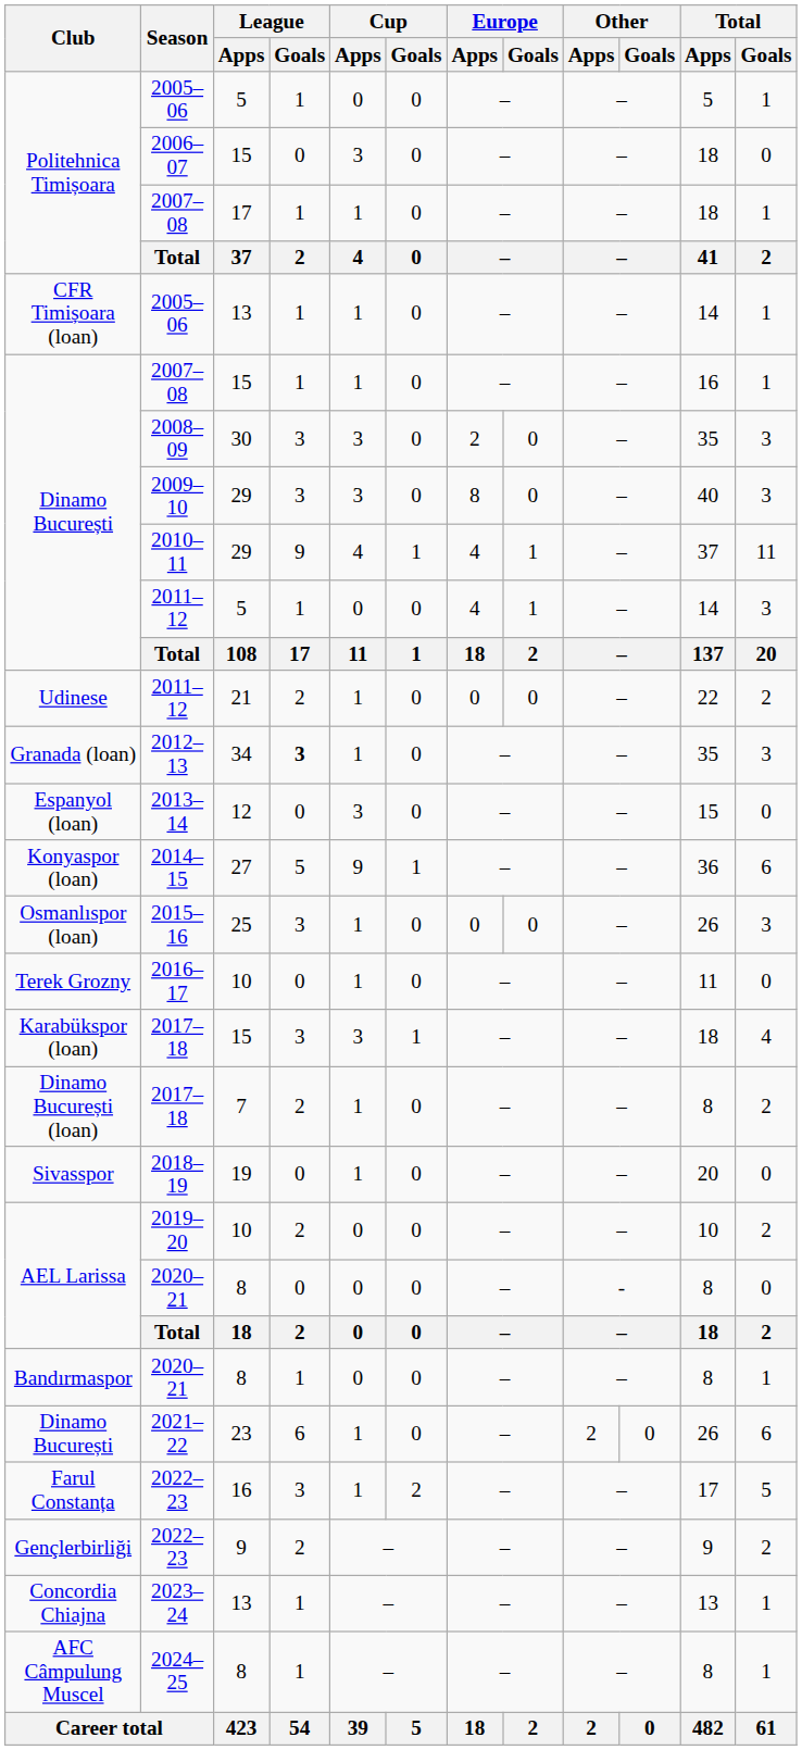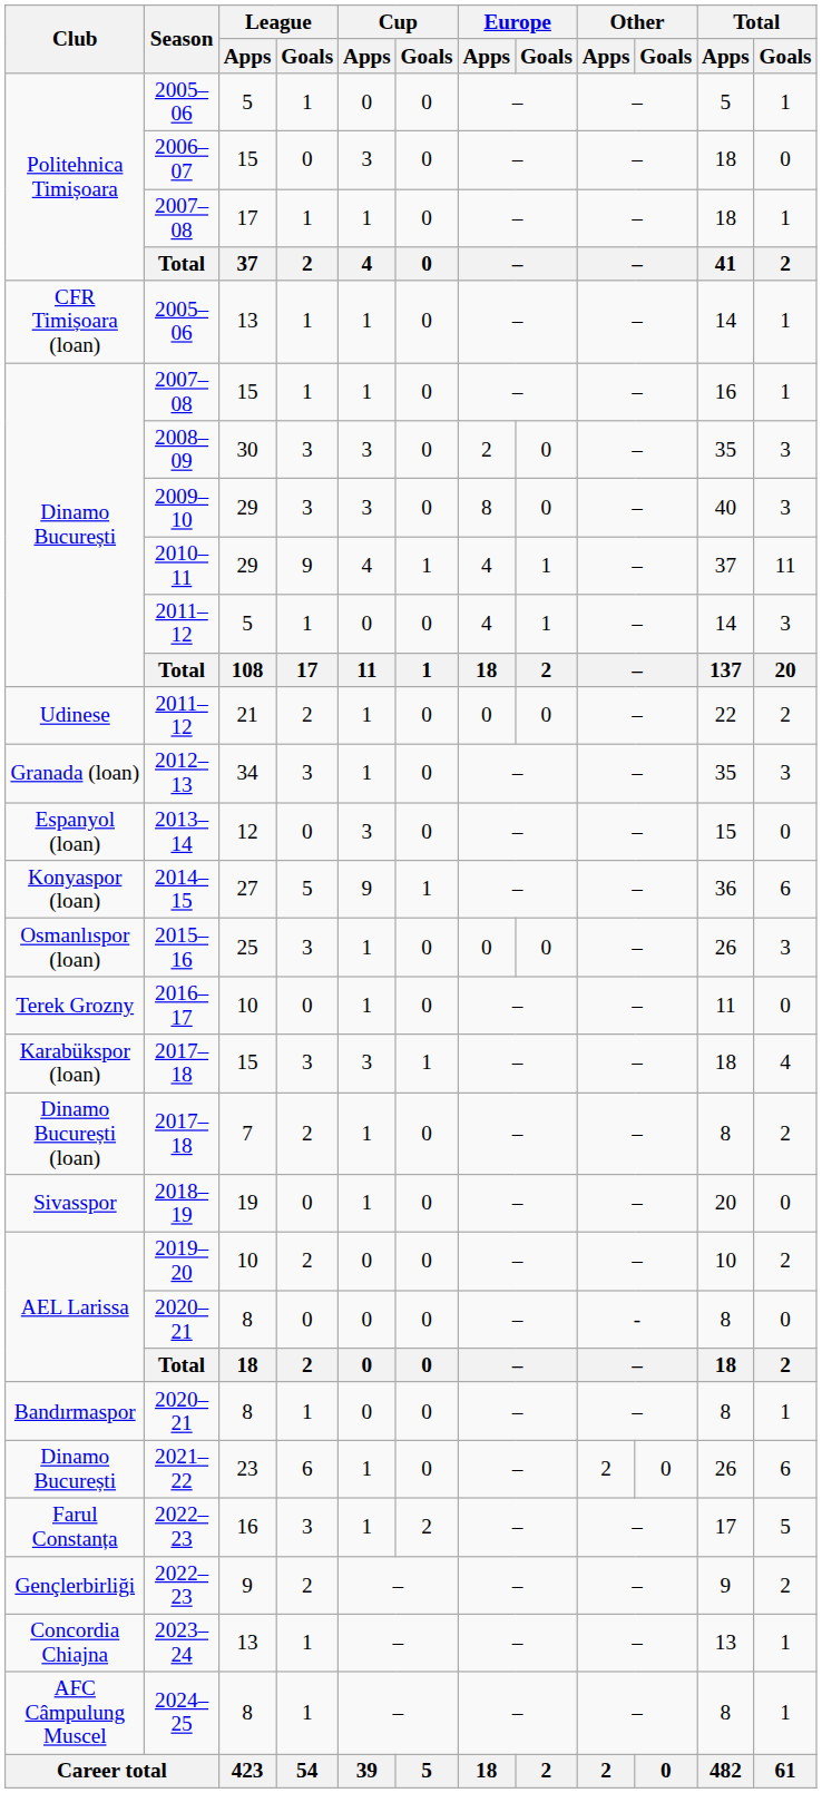 <table class="wikitable" style="text-align: center">
 <tr>
 <th rowspan="2">Club</th>
 <th rowspan="2">Season</th>
 <th colspan="2">League</th>
 <th colspan="2">Cup</th>
 <th colspan="2"><a href='#'>Europe</a></th>
 <th colspan="2">Other</th>
 <th colspan="2">Total</th>
 </tr>
 <tr>
 <th>Apps</th>
 <th>Goals</th>
 <th>Apps</th>
 <th>Goals</th>
 <th>Apps</th>
 <th>Goals</th>
 <th>Apps</th>
 <th>Goals</th>
 <th>Apps</th>
 <th>Goals</th>
 </tr>
 <tr>
 <td rowspan="4"><a href='#'>Politehnica Timișoara</a></td>
 <td><a href='#'>2005–06</a></td>
 <td>5</td>
 <td>1</td>
 <td>0</td>
 <td>0</td>
 <td colspan="2">–</td>
 <td colspan="2">–</td>
 <td>5</td>
 <td>1</td>
 </tr>
 <tr>
 <td><a href='#'>2006–07</a></td>
 <td>15</td>
 <td>0</td>
 <td>3</td>
 <td>0</td>
 <td colspan="2">–</td>
 <td colspan="2">–</td>
 <td>18</td>
 <td>0</td>
 </tr>
 <tr>
 <td><a href='#'>2007–08</a></td>
 <td>17</td>
 <td>1</td>
 <td>1</td>
 <td>0</td>
 <td colspan="2">–</td>
 <td colspan="2">–</td>
 <td>18</td>
 <td>1</td>
 </tr>
 <tr>
 <th>Total</th>
 <th>37</th>
 <th>2</th>
 <th>4</th>
 <th>0</th>
 <th colspan="2">–</th>
 <th colspan="2">–</th>
 <th>41</th>
 <th>2</th>
 </tr>
 <tr>
 <td><a href='#'>CFR Timișoara</a> (loan)</td>
 <td><a href='#'>2005–06</a></td>
 <td>13</td>
 <td>1</td>
 <td>1</td>
 <td>0</td>
 <td colspan="2">–</td>
 <td colspan="2">–</td>
 <td>14</td>
 <td>1</td>
 </tr>
 <tr>
 <td rowspan="6"><a href='#'>Dinamo București</a></td>
 <td><a href='#'>2007–08</a></td>
 <td>15</td>
 <td>1</td>
 <td>1</td>
 <td>0</td>
 <td colspan="2">–</td>
 <td colspan="2">–</td>
 <td>16</td>
 <td>1</td>
 </tr>
 <tr>
 <td><a href='#'>2008–09</a></td>
 <td>30</td>
 <td>3</td>
 <td>3</td>
 <td>0</td>
 <td>2</td>
 <td>0</td>
 <td colspan="2">–</td>
 <td>35</td>
 <td>3</td>
 </tr>
 <tr>
 <td><a href='#'>2009–10</a></td>
 <td>29</td>
 <td>3</td>
 <td>3</td>
 <td>0</td>
 <td>8</td>
 <td>0</td>
 <td colspan="2">–</td>
 <td>40</td>
 <td>3</td>
 </tr>
 <tr>
 <td><a href='#'>2010–11</a></td>
 <td>29</td>
 <td>9</td>
 <td>4</td>
 <td>1</td>
 <td>4</td>
 <td>1</td>
 <td colspan="2">–</td>
 <td>37</td>
 <td>11</td>
 </tr>
 <tr>
 <td><a href='#'>2011–12</a></td>
 <td>5</td>
 <td>1</td>
 <td>0</td>
 <td>0</td>
 <td>4</td>
 <td>1</td>
 <td colspan="2">–</td>
 <td>14</td>
 <td>3</td>
 </tr>
 <tr>
 <th>Total</th>
 <th>108</th>
 <th>17</th>
 <th>11</th>
 <th>1</th>
 <th>18</th>
 <th>2</th>
 <th colspan="2">–</th>
 <th>137</th>
 <th>20</th>
 </tr>
 <tr>
 <td><a href='#'>Udinese</a></td>
 <td><a href='#'>2011–12</a></td>
 <td>21</td>
 <td>2</td>
 <td>1</td>
 <td>0</td>
 <td>0</td>
 <td>0</td>
 <td colspan="2">–</td>
 <td>22</td>
 <td>2</td>
 </tr>
 <tr>
 <td><a href='#'>Granada</a> (loan)</td>
 <td><a href='#'>2012–13</a></td>
 <td>34</td>
-<td><strong>3</strong></td>
+<td>3</td>
 <td>1</td>
 <td>0</td>
 <td colspan="2">–</td>
 <td colspan="2">–</td>
 <td>35</td>
 <td>3</td>
 </tr>
 <tr>
 <td><a href='#'>Espanyol</a> (loan)</td>
 <td><a href='#'>2013–14</a></td>
 <td>12</td>
 <td>0</td>
 <td>3</td>
 <td>0</td>
 <td colspan="2">–</td>
 <td colspan="2">–</td>
 <td>15</td>
 <td>0</td>
 </tr>
 <tr>
 <td><a href='#'>Konyaspor</a> (loan)</td>
 <td><a href='#'>2014–15</a></td>
 <td>27</td>
 <td>5</td>
 <td>9</td>
 <td>1</td>
 <td colspan="2">–</td>
 <td colspan="2">–</td>
 <td>36</td>
 <td>6</td>
 </tr>
 <tr>
 <td><a href='#'>Osmanlıspor</a> (loan)</td>
 <td><a href='#'>2015–16</a></td>
 <td>25</td>
 <td>3</td>
 <td>1</td>
 <td>0</td>
 <td>0</td>
 <td>0</td>
 <td colspan="2">–</td>
 <td>26</td>
 <td>3</td>
 </tr>
 <tr>
 <td><a href='#'>Terek Grozny</a></td>
 <td><a href='#'>2016–17</a></td>
 <td>10</td>
 <td>0</td>
 <td>1</td>
 <td>0</td>
 <td colspan="2">–</td>
 <td colspan="2">–</td>
 <td>11</td>
 <td>0</td>
 </tr>
 <tr>
 <td><a href='#'>Karabükspor</a> (loan)</td>
 <td><a href='#'>2017–18</a></td>
 <td>15</td>
 <td>3</td>
 <td>3</td>
 <td>1</td>
 <td colspan="2">–</td>
 <td colspan="2">–</td>
 <td>18</td>
 <td>4</td>
 </tr>
 <tr>
 <td><a href='#'>Dinamo București</a> (loan)</td>
 <td><a href='#'>2017–18</a></td>
 <td>7</td>
 <td>2</td>
 <td>1</td>
 <td>0</td>
 <td colspan="2">–</td>
 <td colspan="2">–</td>
 <td>8</td>
 <td>2</td>
 </tr>
 <tr>
 <td><a href='#'>Sivasspor</a></td>
 <td><a href='#'>2018–19</a></td>
 <td>19</td>
 <td>0</td>
 <td>1</td>
 <td>0</td>
 <td colspan="2">–</td>
 <td colspan="2">–</td>
 <td>20</td>
 <td>0</td>
 </tr>
 <tr>
 <td rowspan="3"><a href='#'>AEL Larissa</a></td>
 <td><a href='#'>2019–20</a></td>
 <td>10</td>
 <td>2</td>
 <td>0</td>
 <td>0</td>
 <td colspan="2">–</td>
 <td colspan="2">–</td>
 <td>10</td>
 <td>2</td>
 </tr>
 <tr>
 <td><a href='#'>2020–21</a></td>
 <td>8</td>
 <td>0</td>
 <td>0</td>
 <td>0</td>
 <td colspan="2">–</td>
 <td colspan="2">-</td>
 <td>8</td>
 <td>0</td>
 </tr>
 <tr>
 <th>Total</th>
 <th>18</th>
 <th>2</th>
 <th>0</th>
 <th>0</th>
 <th colspan="2">–</th>
 <th colspan="2">–</th>
 <th>18</th>
 <th>2</th>
 </tr>
 <tr>
 <td><a href='#'>Bandırmaspor</a></td>
 <td><a href='#'>2020–21</a></td>
 <td>8</td>
 <td>1</td>
 <td>0</td>
 <td>0</td>
 <td colspan="2">–</td>
 <td colspan="2">–</td>
 <td>8</td>
 <td>1</td>
 </tr>
 <tr>
 <td><a href='#'>Dinamo București</a></td>
 <td><a href='#'>2021–22</a></td>
 <td>23</td>
 <td>6</td>
 <td>1</td>
 <td>0</td>
 <td colspan="2">–</td>
 <td>2</td>
 <td>0</td>
 <td>26</td>
 <td>6</td>
 </tr>
 <tr>
 <td><a href='#'>Farul Constanța</a></td>
 <td><a href='#'>2022–23</a></td>
 <td>16</td>
 <td>3</td>
 <td>1</td>
 <td>2</td>
 <td colspan="2">–</td>
 <td colspan="2">–</td>
 <td>17</td>
 <td>5</td>
 </tr>
 <tr>
 <td><a href='#'>Gençlerbirliği</a></td>
 <td><a href='#'>2022–23</a></td>
 <td>9</td>
 <td>2</td>
 <td colspan="2">–</td>
 <td colspan="2">–</td>
 <td colspan="2">–</td>
 <td>9</td>
 <td>2</td>
 </tr>
 <tr>
 <td><a href='#'>Concordia Chiajna</a></td>
 <td><a href='#'>2023–24</a></td>
 <td>13</td>
 <td>1</td>
 <td colspan="2">–</td>
 <td colspan="2">–</td>
 <td colspan="2">–</td>
 <td>13</td>
 <td>1</td>
 </tr>
 <tr>
 <td><a href='#'>AFC Câmpulung Muscel</a></td>
 <td><a href='#'>2024–25</a></td>
 <td>8</td>
 <td>1</td>
 <td colspan="2">–</td>
 <td colspan="2">–</td>
 <td colspan="2">–</td>
 <td>8</td>
 <td>1</td>
 </tr>
 <tr>
 <th colspan="2">Career total</th>
 <th>423</th>
 <th>54</th>
 <th>39</th>
 <th>5</th>
 <th>18</th>
 <th>2</th>
 <th>2</th>
 <th>0</th>
 <th>482</th>
 <th>61</th>
 </tr>
 </table>
